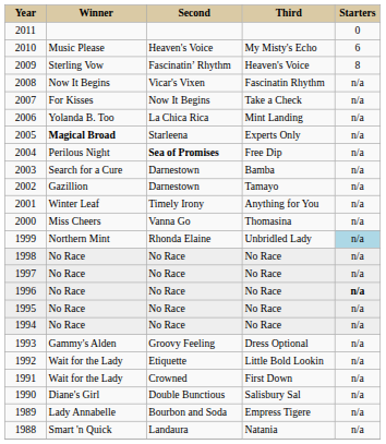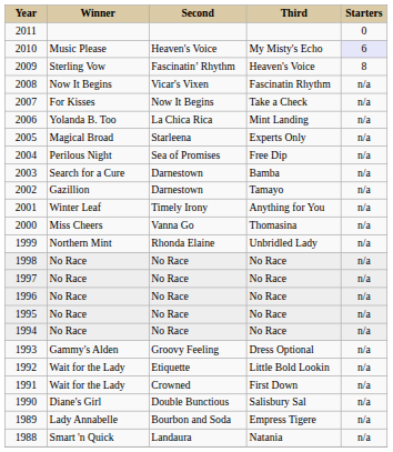 <table class = "wikitable sortable" | border="1" cellpadding="0" style="border-collapse: collapse; font-size:90%">
 <tr bgcolor="#DACAA5" align="center">
 <td width="50px"><strong>Year</strong> <br></td>
 <td width="130px"><strong>Winner</strong> <br></td>
 <td width="125px"><strong>Second</strong> <br></td>
 <td width="120px"><strong>Third</strong> <br></td>
 <td width="55px"><strong>Starters</strong></td>
 </tr>
 <tr>
 <td align=center>2011</td>
 <td></td>
 <td></td>
 <td></td>
 <td align=center>0</td>
 </tr>
 <tr>
 <td align=center>2010</td>
 <td>Music Please</td>
 <td>Heaven's Voice</td>
 <td>My Misty's Echo</td>
-<td align=center>6</td>
+<td align=center style="background: lavender;">6</td>
 </tr>
 <tr>
 <td align=center>2009</td>
 <td>Sterling Vow</td>
 <td>Fascinatin’ Rhythm</td>
 <td>Heaven's Voice</td>
 <td align=center>8</td>
 </tr>
 <tr>
 <td align=center>2008</td>
 <td>Now It Begins</td>
 <td>Vicar's Vixen</td>
 <td>Fascinatin Rhythm</td>
 <td align=center>n/a</td>
 </tr>
 <tr>
 <td align=center>2007</td>
 <td>For Kisses</td>
 <td>Now It Begins</td>
 <td>Take a Check</td>
 <td align=center>n/a</td>
 </tr>
 <tr>
 <td align=center>2006</td>
 <td>Yolanda B. Too</td>
 <td>La Chica Rica</td>
 <td>Mint Landing</td>
 <td align=center>n/a</td>
 </tr>
 <tr>
 <td align=center>2005</td>
-<td><strong>Magical Broad</strong></td>
+<td>Magical Broad</td>
 <td>Starleena</td>
 <td>Experts Only</td>
 <td align=center>n/a</td>
 </tr>
 <tr>
 <td align=center>2004</td>
 <td>Perilous Night</td>
-<td><strong>Sea of Promises</strong></td>
+<td>Sea of Promises</td>
 <td>Free Dip</td>
 <td align=center>n/a</td>
 </tr>
 <tr>
 <td align=center>2003</td>
 <td>Search for a Cure</td>
 <td>Darnestown</td>
 <td>Bamba</td>
 <td align=center>n/a</td>
 </tr>
 <tr>
 <td align=center>2002</td>
 <td>Gazillion</td>
 <td>Darnestown</td>
 <td>Tamayo</td>
 <td align=center>n/a</td>
 </tr>
 <tr>
 <td align=center>2001</td>
 <td>Winter Leaf</td>
 <td>Timely Irony</td>
 <td>Anything for You</td>
 <td align=center>n/a</td>
 </tr>
 <tr>
 <td align=center>2000</td>
 <td>Miss Cheers</td>
 <td>Vanna Go</td>
 <td>Thomasina</td>
 <td align=center>n/a</td>
 </tr>
 <tr>
 <td align=center>1999</td>
 <td>Northern Mint</td>
 <td>Rhonda Elaine</td>
 <td>Unbridled Lady</td>
-<td align=center style="background: lightblue;">n/a</td>
+<td align=center>n/a</td>
 </tr>
 <tr bgcolor="#eeeeee">
 <td align=center>1998</td>
 <td>No Race</td>
 <td>No Race</td>
 <td>No Race</td>
 <td align=center>n/a</td>
 </tr>
 <tr bgcolor="#eeeeee">
 <td align=center>1997</td>
 <td>No Race</td>
 <td>No Race</td>
 <td>No Race</td>
 <td align=center>n/a</td>
 </tr>
 <tr bgcolor="#eeeeee">
 <td align=center>1996</td>
 <td>No Race</td>
 <td>No Race</td>
 <td>No Race</td>
-<td align=center><strong>n/a</strong></td>
+<td align=center>n/a</td>
 </tr>
 <tr bgcolor="#eeeeee">
 <td align=center>1995</td>
 <td>No Race</td>
 <td>No Race</td>
 <td>No Race</td>
 <td align=center>n/a</td>
 </tr>
 <tr bgcolor="#eeeeee">
 <td align=center>1994</td>
 <td>No Race</td>
 <td>No Race</td>
 <td>No Race</td>
 <td align=center>n/a</td>
 </tr>
 <tr>
 <td align=center>1993</td>
 <td>Gammy's Alden</td>
 <td>Groovy Feeling</td>
 <td>Dress Optional</td>
 <td align=center>n/a</td>
 </tr>
 <tr>
 <td align=center>1992</td>
 <td>Wait for the Lady</td>
 <td>Etiquette</td>
 <td>Little Bold Lookin</td>
 <td align=center>n/a</td>
 </tr>
 <tr>
 <td align=center>1991</td>
 <td>Wait for the Lady</td>
 <td>Crowned</td>
 <td>First Down</td>
 <td align=center>n/a</td>
 </tr>
 <tr>
 <td align=center>1990</td>
 <td>Diane's Girl</td>
 <td>Double Bunctious</td>
 <td>Salisbury Sal</td>
 <td align=center>n/a</td>
 </tr>
 <tr>
 <td align=center>1989</td>
 <td>Lady Annabelle</td>
 <td>Bourbon and Soda</td>
 <td>Empress Tigere</td>
 <td align=center>n/a</td>
 </tr>
 <tr>
 <td align=center>1988</td>
 <td>Smart 'n Quick</td>
 <td>Landaura</td>
 <td>Natania</td>
 <td align=center>n/a</td>
 </tr>
 <tr>
 </tr>
 </table>
